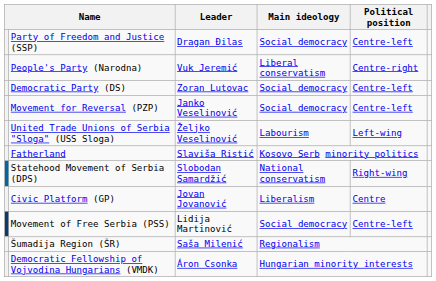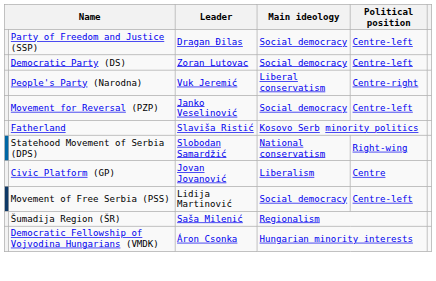 <table class="wikitable" style="text-align">
 <tr>
 <th colspan="2">Name</th>
 <th>Leader</th>
 <th>Main ideology</th>
 <th>Political position</th>
 <th></th>
 </tr>
 <tr>
 <th style="background-color:"></th>
 <td><a href='#'>Party of Freedom and Justice</a> (SSP)</td>
 <td><a href='#'>Dragan Đilas</a></td>
 <td><a href='#'>Social democracy</a></td>
 <td><a href='#'>Centre-left</a></td>
 <td></td>
 </tr>
 <tr>
 <th style="background-color:"></th>
+<td><a href='#'>Democratic Party</a> (DS)</td>
+<td><a href='#'>Zoran Lutovac</a></td>
+<td><a href='#'>Social democracy</a></td>
+<td><a href='#'>Centre-left</a></td>
+<td></td>
+</tr>
+<tr>
+<th style="background-color:"></th>
 <td><a href='#'>People's Party</a> (Narodna)</td>
 <td><a href='#'>Vuk Jeremić</a></td>
 <td><a href='#'>Liberal conservatism</a></td>
 <td><a href='#'>Centre-right</a></td>
 <td></td>
 </tr>
 <tr>
 <th style="background-color:"></th>
-<td><a href='#'>Democratic Party</a> (DS)</td>
-<td><a href='#'>Zoran Lutovac</a></td>
-<td><a href='#'>Social democracy</a></td>
-<td><a href='#'>Centre-left</a></td>
-<td></td>
-</tr>
-<tr>
-<th style="background-color:"></th>
 <td><a href='#'>Movement for Reversal</a> (PZP)</td>
 <td><a href='#'>Janko Veselinović</a></td>
 <td><a href='#'>Social democracy</a></td>
 <td><a href='#'>Centre-left</a></td>
-<td></td>
-</tr>
-<tr>
-<th style="background-color:"></th>
-<td><a href='#'>United Trade Unions of Serbia "Sloga"</a> (USS Sloga)</td>
-<td><a href='#'>Željko Veselinović</a></td>
-<td><a href='#'>Labourism</a></td>
-<td><a href='#'>Left-wing</a></td>
 <td></td>
 </tr>
 <tr>
 <th style="background-color:"></th>
 <td><a href='#'>Fatherland</a></td>
 <td><a href='#'>Slaviša Ristić</a></td>
 <td colspan="2"><a href='#'>Kosovo Serb</a> <a href='#'>minority politics</a></td>
 <td></td>
 </tr>
 <tr>
 <th style="background-color:#0067A5"></th>
 <td>Statehood Movement of Serbia (DPS)</td>
 <td><a href='#'>Slobodan Samardžić</a></td>
 <td><a href='#'>National conservatism</a></td>
 <td><a href='#'>Right-wing</a></td>
 <td></td>
 </tr>
 <tr>
 <th style="background-color:"></th>
 <td><a href='#'>Civic Platform</a> (GP)</td>
 <td><a href='#'>Jovan Jovanović</a></td>
 <td><a href='#'>Liberalism</a></td>
 <td><a href='#'>Centre</a></td>
 <td></td>
 </tr>
 <tr>
 <th style="background-color:#0F3967"></th>
 <td>Movement of Free Serbia (PSS)</td>
 <td>Lidija Martinović</td>
 <td><a href='#'>Social democracy</a></td>
 <td><a href='#'>Centre-left</a></td>
 <td></td>
 </tr>
 <tr>
 <th style="background-color:"></th>
 <td>Šumadija Region (ŠR)</td>
 <td><a href='#'>Saša Milenić</a></td>
 <td colspan="2"><a href='#'>Regionalism</a></td>
 <td></td>
 </tr>
 <tr>
 <th style="background-color:"></th>
 <td><a href='#'>Democratic Fellowship of Vojvodina Hungarians</a> (VMDK)</td>
 <td><a href='#'>Áron Csonka</a></td>
 <td colspan="2"><a href='#'>Hungarian minority interests</a></td>
 <td></td>
 </tr>
 </table>
